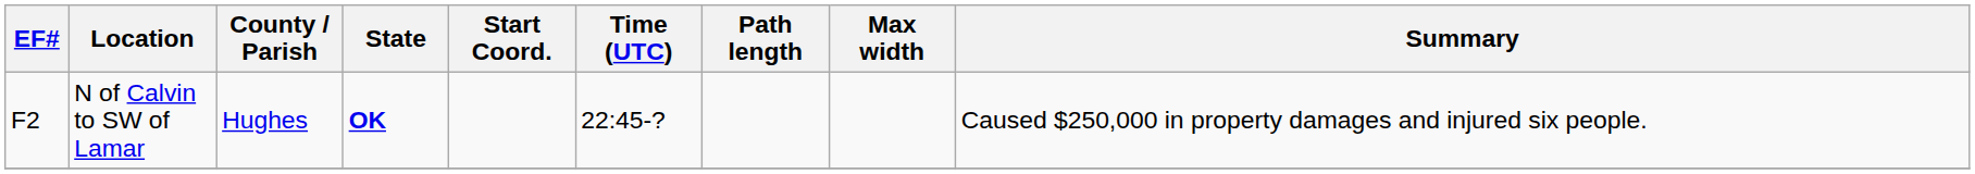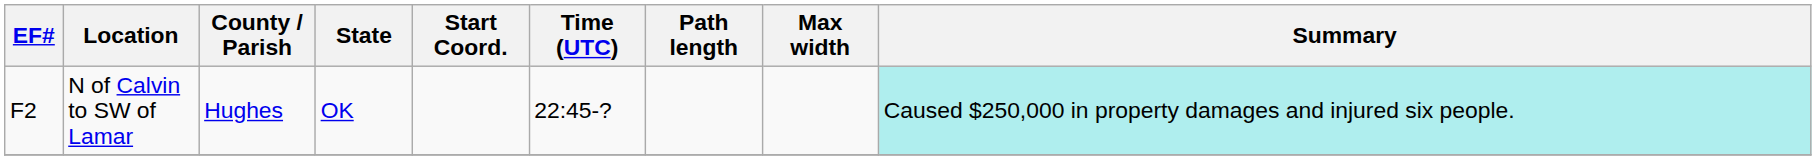 <table class="wikitable sortable" style="width:100%;">
 <tr>
 <th scope="col"  style="width:3%; text-align:center;"><a href='#'>EF#</a></th>
 <th scope="col"  style="width:7%; text-align:center;" class="unsortable">Location</th>
 <th scope="col"  style="width:6%; text-align:center;" class="unsortable">County / Parish</th>
 <th scope="col"  style="width:5%; text-align:center;">State</th>
 <th scope="col"  style="width:6%; text-align:center;">Start Coord.</th>
 <th scope="col"  style="width:6%; text-align:center;">Time (<a href='#'>UTC</a>)</th>
 <th scope="col"  style="width:6%; text-align:center;">Path length</th>
 <th scope="col"  style="width:6%; text-align:center;">Max width</th>
 <th scope="col" class="unsortable" style="width:48%; text-align:center;">Summary</th>
 </tr>
 <tr>
 <td bgcolor=>F2</td>
 <td>N of <a href='#'>Calvin</a> to SW of <a href='#'>Lamar</a></td>
 <td><a href='#'>Hughes</a></td>
-<td><strong><a href='#'>OK</a></strong></td>
+<td><a href='#'>OK</a></td>
 <td></td>
 <td>22:45-?</td>
 <td></td>
 <td></td>
-<td>Caused $250,000 in property damages and injured six people.</td>
+<td style="background: paleturquoise;">Caused $250,000 in property damages and injured six people.</td>
 </tr>
 <tr>
 </tr>
 </table>
